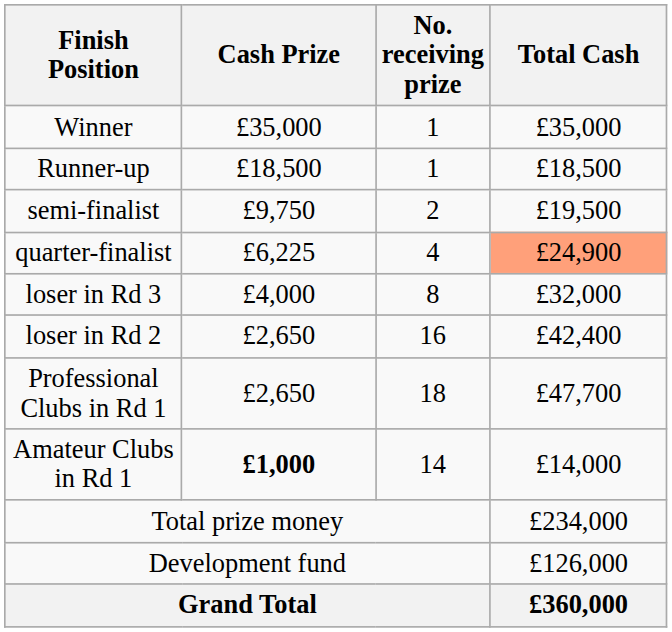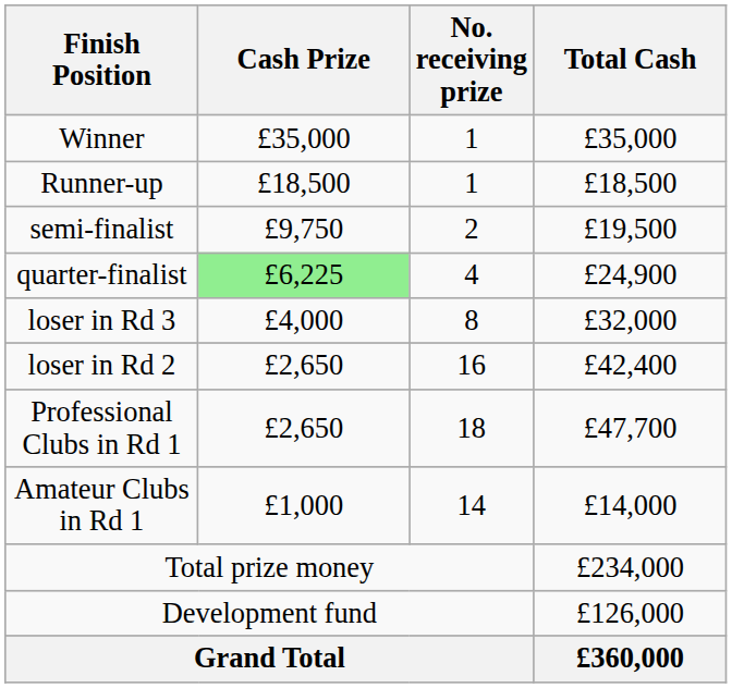 <table class="wikitable" style="text-align:center;">
 <tr>
 <th width=100 abbr="Finish Position">Finish Position</th>
 <th width=110 abbr="Cash Prize">Cash Prize</th>
 <th width=50 abbr="No. receiving prize">No. receiving prize</th>
 <th width=100 abbr="Total Cash">Total Cash</th>
 </tr>
 <tr>
 <td>Winner</td>
 <td>£35,000</td>
 <td>1</td>
 <td>£35,000</td>
 </tr>
 <tr>
 <td>Runner-up</td>
 <td>£18,500</td>
 <td>1</td>
 <td>£18,500</td>
 </tr>
 <tr>
 <td>semi-finalist</td>
 <td>£9,750</td>
 <td>2</td>
 <td>£19,500</td>
 </tr>
 <tr>
 <td>quarter-finalist</td>
-<td>£6,225</td>
+<td style="background: lightgreen;">£6,225</td>
 <td>4</td>
-<td style="background: lightsalmon;">£24,900</td>
+<td>£24,900</td>
 </tr>
 <tr>
 <td>loser in Rd 3</td>
 <td>£4,000</td>
 <td>8</td>
 <td>£32,000</td>
 </tr>
 <tr>
 <td>loser in Rd 2</td>
 <td>£2,650</td>
 <td>16</td>
 <td>£42,400</td>
 </tr>
 <tr>
 <td>Professional Clubs in Rd 1</td>
 <td>£2,650</td>
 <td>18</td>
 <td>£47,700</td>
 </tr>
 <tr>
 <td>Amateur Clubs in Rd 1</td>
-<td><strong>£1,000</strong></td>
+<td>£1,000</td>
 <td>14</td>
 <td>£14,000</td>
 </tr>
 <tr>
 <td colspan="3">Total prize money</td>
 <td>£234,000</td>
 </tr>
 <tr>
 <td colspan="3">Development fund</td>
 <td>£126,000</td>
 </tr>
 <tr>
 <th colspan="3">Grand Total</th>
 <th>£360,000</th>
 </tr>
 </table>
